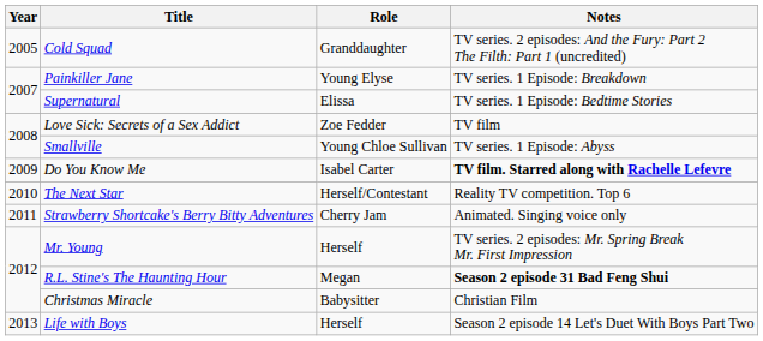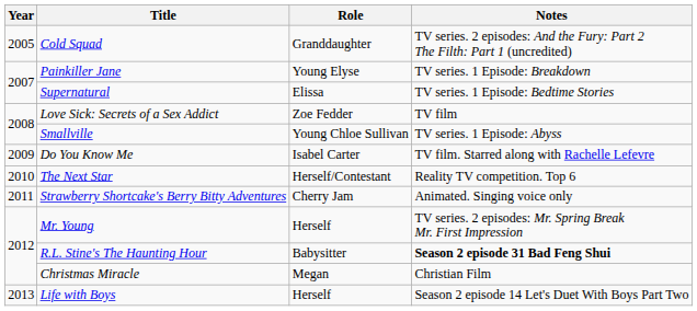 <table class="wikitable sortable">
 <tr>
 <th>Year</th>
 <th>Title</th>
 <th>Role</th>
 <th class="unsortable">Notes</th>
 </tr>
 <tr>
 <td>2005</td>
 <td><em><a href='#'>Cold Squad</a></em></td>
 <td>Granddaughter</td>
 <td>TV series. 2 episodes: <em>And the Fury: Part 2</em><br><em>The Filth: Part 1</em> (uncredited)</td>
 </tr>
 <tr>
 <td rowspan=2>2007</td>
 <td><em><a href='#'>Painkiller Jane</a></em></td>
 <td>Young Elyse</td>
 <td>TV series. 1 Episode: <em>Breakdown</em></td>
 </tr>
 <tr>
 <td><em><a href='#'>Supernatural</a></em></td>
 <td>Elissa</td>
 <td>TV series. 1 Episode: <em>Bedtime Stories</em></td>
 </tr>
 <tr>
 <td rowspan=2>2008</td>
 <td><em>Love Sick: Secrets of a Sex Addict</em></td>
 <td>Zoe Fedder</td>
 <td>TV film</td>
 </tr>
 <tr>
 <td><em><a href='#'>Smallville</a></em></td>
 <td>Young Chloe Sullivan</td>
 <td>TV series. 1 Episode: <em>Abyss</em></td>
 </tr>
 <tr>
 <td>2009</td>
 <td><em>Do You Know Me</em></td>
 <td>Isabel Carter</td>
-<td><strong>TV film. Starred along with <a href='#'>Rachelle Lefevre</a></strong></td>
+<td>TV film. Starred along with <a href='#'>Rachelle Lefevre</a></td>
 </tr>
 <tr>
 <td>2010</td>
 <td data-sort-value="Next Star, The"><em><a href='#'>The Next Star</a></em></td>
 <td>Herself/Contestant</td>
 <td>Reality TV competition. Top 6</td>
 </tr>
 <tr>
 <td>2011</td>
 <td><em><a href='#'>Strawberry Shortcake's Berry Bitty Adventures</a></em></td>
 <td>Cherry Jam</td>
 <td>Animated. Singing voice only</td>
 </tr>
 <tr>
 <td rowspan=3>2012</td>
 <td><em><a href='#'>Mr. Young</a></em></td>
 <td>Herself</td>
 <td>TV series. 2 episodes: <em>Mr. Spring Break</em><br><em>Mr. First Impression</em></td>
 </tr>
 <tr>
 <td><em><a href='#'>R.L. Stine's The Haunting Hour</a></em></td>
-<td>Megan</td>
+<td>Babysitter</td>
 <td><strong>Season 2 episode 31 Bad Feng Shui</strong></td>
 </tr>
 <tr>
 <td><em>Christmas Miracle</em></td>
-<td>Babysitter</td>
+<td>Megan</td>
 <td>Christian Film</td>
 </tr>
 <tr>
 <td>2013</td>
 <td><em><a href='#'>Life with Boys</a></em></td>
 <td>Herself</td>
 <td>Season 2 episode 14 Let's Duet With Boys Part Two</td>
 </tr>
 </table>
